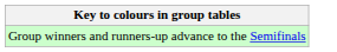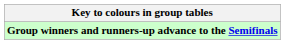 <table class="wikitable">
 <tr>
 <th>Key to colours in group tables</th>
 </tr>
 <tr bgcolor=ccffcc>
-<td>Group winners and runners-up advance to the <a href='#'>Semifinals</a></td>
+<td><strong>Group winners and runners-up advance to the <a href='#'>Semifinals</a></strong></td>
 </tr>
 </table>
